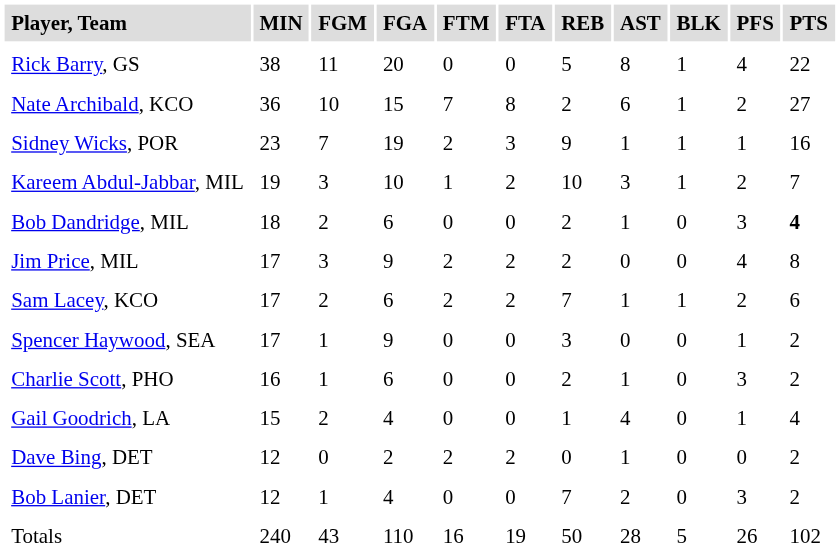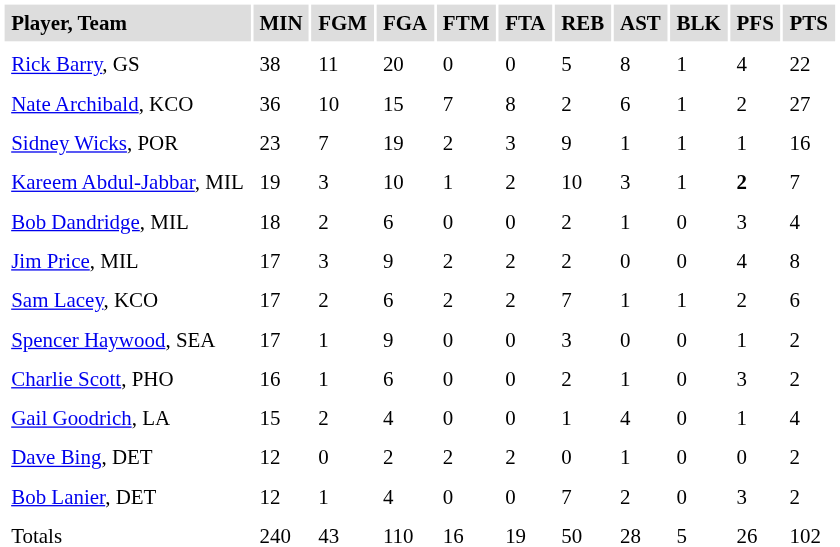 <table cellpadding=5>
 <tr bgcolor="#dddddd">
 <td><strong>Player, Team</strong></td>
 <td><strong>MIN</strong></td>
 <td><strong>FGM</strong></td>
 <td><strong>FGA</strong></td>
 <td><strong>FTM</strong></td>
 <td><strong>FTA</strong></td>
 <td><strong>REB</strong></td>
 <td><strong>AST</strong></td>
 <td><strong>BLK</strong></td>
 <td><strong>PFS</strong></td>
 <td><strong>PTS</strong></td>
 </tr>
 <tr bgcolor="#eeeeee">
 </tr>
 <tr>
 <td><a href='#'>Rick Barry</a>, GS</td>
 <td>38</td>
 <td>11</td>
 <td>20</td>
 <td>0</td>
 <td>0</td>
 <td>5</td>
 <td>8</td>
 <td>1</td>
 <td>4</td>
 <td>22</td>
 </tr>
 <tr>
 <td><a href='#'>Nate Archibald</a>, KCO</td>
 <td>36</td>
 <td>10</td>
 <td>15</td>
 <td>7</td>
 <td>8</td>
 <td>2</td>
 <td>6</td>
 <td>1</td>
 <td>2</td>
 <td>27</td>
 </tr>
 <tr>
 <td><a href='#'>Sidney Wicks</a>, POR</td>
 <td>23</td>
 <td>7</td>
 <td>19</td>
 <td>2</td>
 <td>3</td>
 <td>9</td>
 <td>1</td>
 <td>1</td>
 <td>1</td>
 <td>16</td>
 </tr>
 <tr>
 <td><a href='#'>Kareem Abdul-Jabbar</a>, MIL</td>
 <td>19</td>
 <td>3</td>
 <td>10</td>
 <td>1</td>
 <td>2</td>
 <td>10</td>
 <td>3</td>
 <td>1</td>
-<td>2</td>
+<td><strong>2</strong></td>
 <td>7</td>
 </tr>
 <tr>
 <td><a href='#'>Bob Dandridge</a>, MIL</td>
 <td>18</td>
 <td>2</td>
 <td>6</td>
 <td>0</td>
 <td>0</td>
 <td>2</td>
 <td>1</td>
 <td>0</td>
 <td>3</td>
-<td><strong>4</strong></td>
+<td>4</td>
 </tr>
 <tr>
 <td><a href='#'>Jim Price</a>, MIL</td>
 <td>17</td>
 <td>3</td>
 <td>9</td>
 <td>2</td>
 <td>2</td>
 <td>2</td>
 <td>0</td>
 <td>0</td>
 <td>4</td>
 <td>8</td>
 </tr>
 <tr>
 <td><a href='#'>Sam Lacey</a>, KCO</td>
 <td>17</td>
 <td>2</td>
 <td>6</td>
 <td>2</td>
 <td>2</td>
 <td>7</td>
 <td>1</td>
 <td>1</td>
 <td>2</td>
 <td>6</td>
 </tr>
 <tr>
 <td><a href='#'>Spencer Haywood</a>, SEA</td>
 <td>17</td>
 <td>1</td>
 <td>9</td>
 <td>0</td>
 <td>0</td>
 <td>3</td>
 <td>0</td>
 <td>0</td>
 <td>1</td>
 <td>2</td>
 </tr>
 <tr>
 <td><a href='#'>Charlie Scott</a>, PHO</td>
 <td>16</td>
 <td>1</td>
 <td>6</td>
 <td>0</td>
 <td>0</td>
 <td>2</td>
 <td>1</td>
 <td>0</td>
 <td>3</td>
 <td>2</td>
 </tr>
 <tr>
 <td><a href='#'>Gail Goodrich</a>, LA</td>
 <td>15</td>
 <td>2</td>
 <td>4</td>
 <td>0</td>
 <td>0</td>
 <td>1</td>
 <td>4</td>
 <td>0</td>
 <td>1</td>
 <td>4</td>
 </tr>
 <tr>
 <td><a href='#'>Dave Bing</a>, DET</td>
 <td>12</td>
 <td>0</td>
 <td>2</td>
 <td>2</td>
 <td>2</td>
 <td>0</td>
 <td>1</td>
 <td>0</td>
 <td>0</td>
 <td>2</td>
 </tr>
 <tr>
 <td><a href='#'>Bob Lanier</a>, DET</td>
 <td>12</td>
 <td>1</td>
 <td>4</td>
 <td>0</td>
 <td>0</td>
 <td>7</td>
 <td>2</td>
 <td>0</td>
 <td>3</td>
 <td>2</td>
 </tr>
 <tr>
 <td>Totals</td>
 <td>240</td>
 <td>43</td>
 <td>110</td>
 <td>16</td>
 <td>19</td>
 <td>50</td>
 <td>28</td>
 <td>5</td>
 <td>26</td>
 <td>102</td>
 </tr>
 <tr>
 </tr>
 </table>
